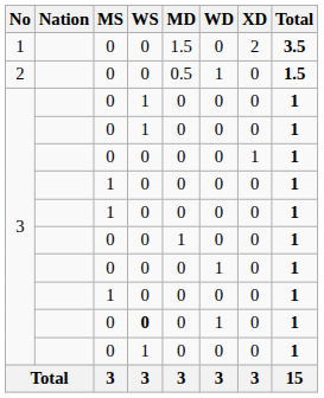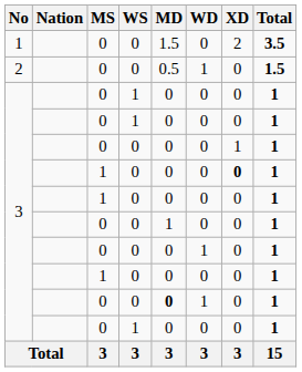 <table class="wikitable" style="text-align:center">
 <tr>
 <th>No</th>
 <th>Nation</th>
 <th>MS</th>
 <th>WS</th>
 <th>MD</th>
 <th>WD</th>
 <th>XD</th>
 <th>Total</th>
 </tr>
 <tr>
 <td>1</td>
 <td align=left></td>
 <td>0</td>
 <td>0</td>
 <td>1.5</td>
 <td>0</td>
 <td>2</td>
 <td><strong>3.5</strong></td>
 </tr>
 <tr>
 <td>2</td>
 <td align=left></td>
 <td>0</td>
 <td>0</td>
 <td>0.5</td>
 <td>1</td>
 <td>0</td>
 <td><strong>1.5</strong></td>
 </tr>
 <tr>
 <td rowspan=10>3</td>
 <td align=left></td>
 <td>0</td>
 <td>1</td>
 <td>0</td>
 <td>0</td>
 <td>0</td>
 <td><strong>1</strong></td>
 </tr>
 <tr>
 <td align=left></td>
 <td>0</td>
 <td>1</td>
 <td>0</td>
 <td>0</td>
 <td>0</td>
 <td><strong>1</strong></td>
 </tr>
 <tr>
 <td align=left></td>
 <td>0</td>
 <td>0</td>
 <td>0</td>
 <td>0</td>
 <td>1</td>
 <td><strong>1</strong></td>
 </tr>
 <tr>
 <td align=left></td>
 <td>1</td>
 <td>0</td>
 <td>0</td>
 <td>0</td>
-<td>0</td>
+<td><strong>0</strong></td>
 <td><strong>1</strong></td>
 </tr>
 <tr>
 <td align=left></td>
 <td>1</td>
 <td>0</td>
 <td>0</td>
 <td>0</td>
 <td>0</td>
 <td><strong>1</strong></td>
 </tr>
 <tr>
 <td align=left></td>
 <td>0</td>
 <td>0</td>
 <td>1</td>
 <td>0</td>
 <td>0</td>
 <td><strong>1</strong></td>
 </tr>
 <tr>
 <td align=left></td>
 <td>0</td>
 <td>0</td>
 <td>0</td>
 <td>1</td>
 <td>0</td>
 <td><strong>1</strong></td>
 </tr>
 <tr>
 <td align=left></td>
 <td>1</td>
 <td>0</td>
 <td>0</td>
 <td>0</td>
 <td>0</td>
 <td><strong>1</strong></td>
 </tr>
 <tr>
 <td align=left></td>
 <td>0</td>
+<td>0</td>
 <td><strong>0</strong></td>
-<td>0</td>
 <td>1</td>
 <td>0</td>
 <td><strong>1</strong></td>
 </tr>
 <tr>
 <td align=left></td>
 <td>0</td>
 <td>1</td>
 <td>0</td>
 <td>0</td>
 <td>0</td>
 <td><strong>1</strong></td>
 </tr>
 <tr>
 <th colspan="2">Total</th>
 <th>3</th>
 <th>3</th>
 <th>3</th>
 <th>3</th>
 <th>3</th>
 <th>15</th>
 </tr>
 </table>
